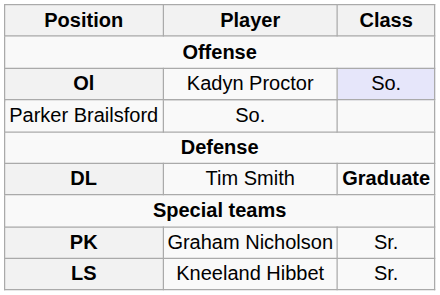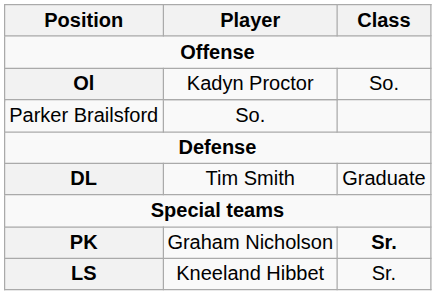 <table class="wikitable">
 <tr>
 <th>Position</th>
 <th>Player</th>
 <th>Class</th>
 </tr>
 <tr>
 <td colspan="4" style="text-align:center; "><strong>Offense</strong></td>
 </tr>
 <tr style="text-align:center;">
 <th rowspan="2">Ol</th>
 <td>Kadyn Proctor</td>
-<td style="background: lavender;">So.</td>
+<td>So.</td>
 </tr>
 <tr>
 </tr>
 <tr style="text-align:center;">
 <td>Parker Brailsford</td>
 <td>So.</td>
 </tr>
 <tr>
 <td colspan="4" style="text-align:center; "><strong>Defense</strong></td>
 </tr>
 <tr style="text-align:center;">
 <th rowspan="1">DL</th>
 <td>Tim Smith</td>
-<td><strong>Graduate</strong></td>
+<td>Graduate</td>
 </tr>
 <tr>
 <td colspan="4" style="text-align:center; "><strong>Special teams</strong></td>
 </tr>
 <tr style="text-align:center;">
 <th rowspan="1">PK</th>
 <td>Graham Nicholson</td>
-<td>Sr.</td>
+<td><strong>Sr.</strong></td>
 </tr>
 <tr style="text-align:center;">
 <th rowspan="1">LS</th>
 <td>Kneeland Hibbet</td>
 <td>Sr.</td>
 </tr>
 </table>
